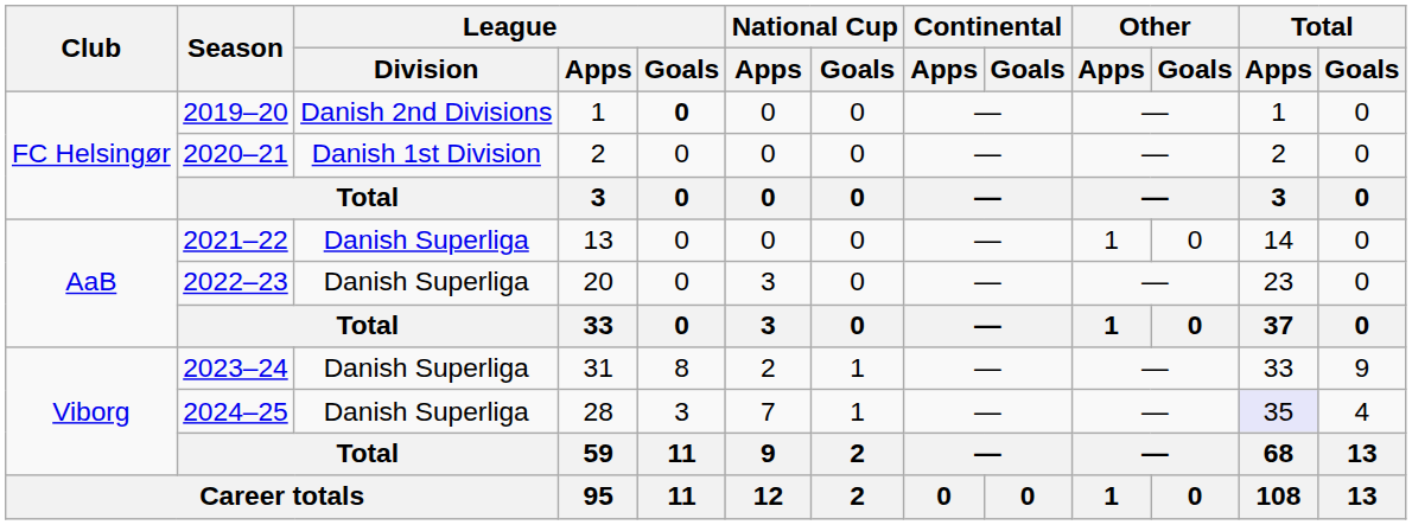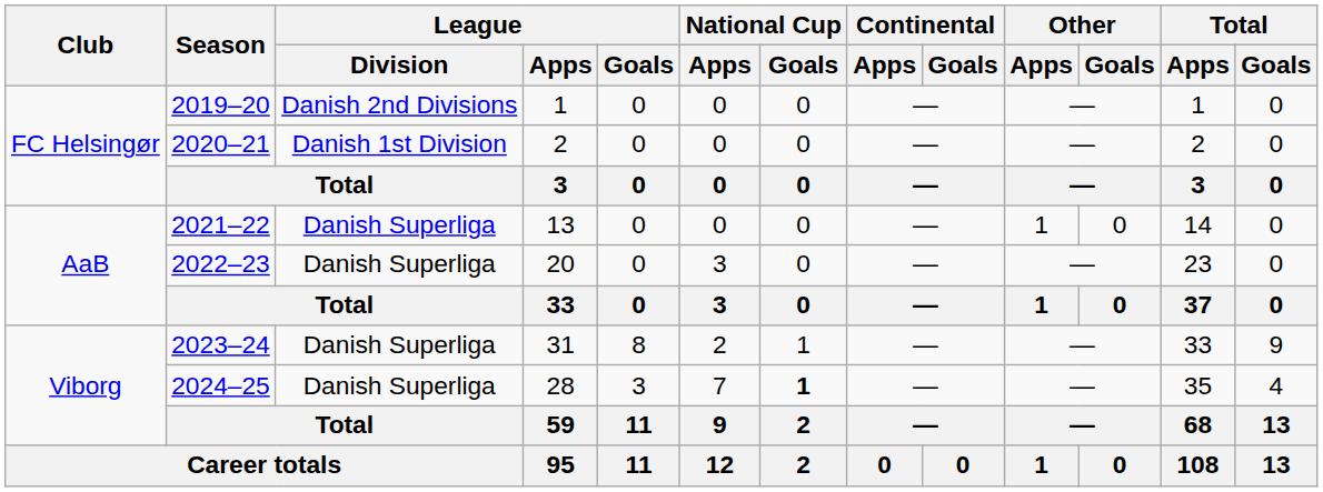 <table class="wikitable" style="text-align:center">
 <tr>
 <th rowspan="2">Club</th>
 <th rowspan="2">Season</th>
 <th colspan="3">League</th>
 <th colspan="2">National Cup</th>
 <th colspan="2">Continental</th>
 <th colspan="2">Other</th>
 <th colspan="2">Total</th>
 </tr>
 <tr>
 <th>Division</th>
 <th>Apps</th>
 <th>Goals</th>
 <th>Apps</th>
 <th>Goals</th>
 <th>Apps</th>
 <th>Goals</th>
 <th>Apps</th>
 <th>Goals</th>
 <th>Apps</th>
 <th>Goals</th>
 </tr>
 <tr>
 <td rowspan="3"><a href='#'>FC Helsingør</a></td>
 <td><a href='#'>2019–20</a></td>
 <td><a href='#'>Danish 2nd Divisions</a></td>
 <td>1</td>
-<td><strong>0</strong></td>
+<td>0</td>
 <td>0</td>
 <td>0</td>
 <td colspan="2">—</td>
 <td colspan="2">—</td>
 <td>1</td>
 <td>0</td>
 </tr>
 <tr>
 <td><a href='#'>2020–21</a></td>
 <td><a href='#'>Danish 1st Division</a></td>
 <td>2</td>
 <td>0</td>
 <td>0</td>
 <td>0</td>
 <td colspan="2">—</td>
 <td colspan="2">—</td>
 <td>2</td>
 <td>0</td>
 </tr>
 <tr>
 <th colspan="2">Total</th>
 <th>3</th>
 <th>0</th>
 <th>0</th>
 <th>0</th>
 <th colspan="2">—</th>
 <th colspan="2">—</th>
 <th>3</th>
 <th>0</th>
 </tr>
 <tr>
 <td rowspan="3"><a href='#'>AaB</a></td>
 <td><a href='#'>2021–22</a></td>
 <td><a href='#'>Danish Superliga</a></td>
 <td>13</td>
 <td>0</td>
 <td>0</td>
 <td>0</td>
 <td colspan="2">—</td>
 <td>1</td>
 <td>0</td>
 <td>14</td>
 <td>0</td>
 </tr>
 <tr>
 <td><a href='#'>2022–23</a></td>
 <td>Danish Superliga</td>
 <td>20</td>
 <td>0</td>
 <td>3</td>
 <td>0</td>
 <td colspan="2">—</td>
 <td colspan="2">—</td>
 <td>23</td>
 <td>0</td>
 </tr>
 <tr>
 <th colspan="2">Total</th>
 <th>33</th>
 <th>0</th>
 <th>3</th>
 <th>0</th>
 <th colspan="2">—</th>
 <th>1</th>
 <th>0</th>
 <th>37</th>
 <th>0</th>
 </tr>
 <tr>
 <td rowspan="3"><a href='#'>Viborg</a></td>
 <td><a href='#'>2023–24</a></td>
 <td>Danish Superliga</td>
 <td>31</td>
 <td>8</td>
 <td>2</td>
 <td>1</td>
 <td colspan="2">—</td>
 <td colspan="2">—</td>
 <td>33</td>
 <td>9</td>
 </tr>
 <tr>
 <td><a href='#'>2024–25</a></td>
 <td>Danish Superliga</td>
 <td>28</td>
 <td>3</td>
 <td>7</td>
-<td>1</td>
+<td><strong>1</strong></td>
 <td colspan="2">—</td>
 <td colspan="2">—</td>
-<td style="background: lavender;">35</td>
+<td>35</td>
 <td>4</td>
 </tr>
 <tr>
 <th colspan="2">Total</th>
 <th>59</th>
 <th>11</th>
 <th>9</th>
 <th>2</th>
 <th colspan="2">—</th>
 <th colspan="2">—</th>
 <th>68</th>
 <th>13</th>
 </tr>
 <tr>
 <th colspan="3">Career totals</th>
 <th>95</th>
 <th>11</th>
 <th>12</th>
 <th>2</th>
 <th>0</th>
 <th>0</th>
 <th>1</th>
 <th>0</th>
 <th>108</th>
 <th>13</th>
 </tr>
 </table>
